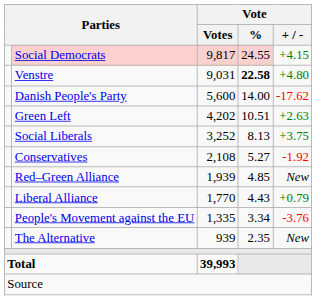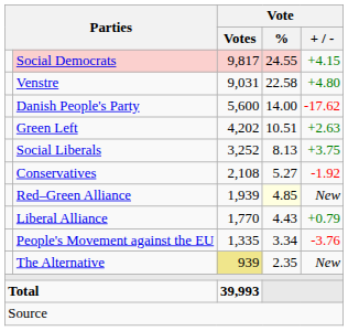 <table class="wikitable" style="text-align:right;">
 <tr>
 <th style="text-align:centre;" rowspan="2" colspan="2" width="225">Parties</th>
 <th colspan="3">Vote</th>
 </tr>
 <tr>
 <th width="15">Votes</th>
 <th width="15">%</th>
 <th width="15">+ / -</th>
 </tr>
 <tr>
 <td width="2" style="color:inherit;background:"></td>
 <td bgcolor=#fbd0ce   align="left"><a href='#'>Social Democrats</a></td>
 <td bgcolor=#fbd0ce>9,817</td>
 <td bgcolor=#fbd0ce>24.55</td>
 <td style=color:green;>+4.15</td>
 </tr>
 <tr>
 <td width="2" style="color:inherit;background:"></td>
 <td align="left"><a href='#'>Venstre</a></td>
 <td>9,031</td>
-<td><strong>22.58</strong></td>
+<td>22.58</td>
 <td style=color:green;>+4.80</td>
 </tr>
 <tr>
 <td width="2" style="color:inherit;background:"></td>
 <td align="left"><a href='#'>Danish People's Party</a></td>
 <td>5,600</td>
 <td>14.00</td>
 <td style=color:red;>-17.62</td>
 </tr>
 <tr>
 <td width="2" style="color:inherit;background:"></td>
 <td align="left"><a href='#'>Green Left</a></td>
 <td>4,202</td>
 <td>10.51</td>
 <td style=color:green;>+2.63</td>
 </tr>
 <tr>
 <td width="2" style="color:inherit;background:"></td>
 <td align="left"><a href='#'>Social Liberals</a></td>
 <td>3,252</td>
 <td>8.13</td>
 <td style=color:green;>+3.75</td>
 </tr>
 <tr>
 <td width="2" style="color:inherit;background:"></td>
 <td align="left"><a href='#'>Conservatives</a></td>
 <td>2,108</td>
 <td>5.27</td>
 <td style=color:red;>-1.92</td>
 </tr>
 <tr>
 <td width="2" style="color:inherit;background:"></td>
 <td align="left"><a href='#'>Red–Green Alliance</a></td>
 <td>1,939</td>
-<td>4.85</td>
+<td style="background: lightyellow;">4.85</td>
 <td><em>New</em></td>
 </tr>
 <tr>
 <td width="2" style="color:inherit;background:"></td>
 <td align="left"><a href='#'>Liberal Alliance</a></td>
 <td>1,770</td>
 <td>4.43</td>
 <td style=color:green;>+0.79</td>
 </tr>
 <tr>
 <td width="2" style="color:inherit;background:"></td>
 <td align="left"><a href='#'>People's Movement against the EU</a></td>
 <td>1,335</td>
 <td>3.34</td>
 <td style=color:red;>-3.76</td>
 </tr>
 <tr>
 <td width="2" style="color:inherit;background:"></td>
 <td align="left"><a href='#'>The Alternative</a></td>
-<td>939</td>
+<td style="background: khaki;">939</td>
 <td>2.35</td>
 <td><em>New</em></td>
 </tr>
 <tr>
 <td colspan="7" bgcolor="#E9E9E9"></td>
 </tr>
 <tr>
 <td align="left" colspan="2"><strong>Total</strong></td>
 <td><strong>39,993</strong></td>
 <td bgcolor="#E9E9E9" colspan="2"></td>
 </tr>
 <tr>
 <td align="left" colspan="6">Source</td>
 </tr>
 </table>
